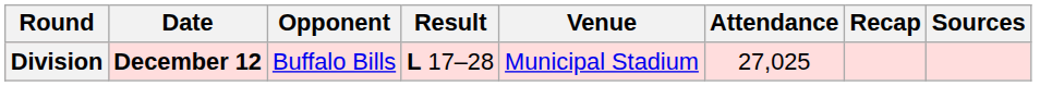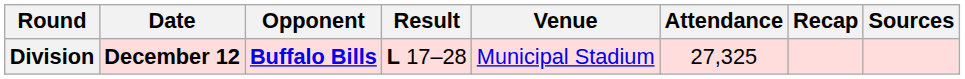 <table class="wikitable" style="text-align:center">
 <tr>
 <th>Round</th>
 <th>Date</th>
 <th>Opponent</th>
 <th>Result</th>
 <th>Venue</th>
 <th>Attendance</th>
 <th>Recap</th>
 <th>Sources</th>
 </tr>
 <tr style="background: #ffdddd;">
 <th>Division</th>
 <td><strong>December 12</strong></td>
-<td><a href='#'>Buffalo Bills</a></td>
+<td><strong><a href='#'>Buffalo Bills</a></strong></td>
 <td><strong>L</strong> 17–28</td>
 <td><a href='#'>Municipal Stadium</a></td>
-<td>27,025</td>
+<td>27,325</td>
 <td></td>
 <td></td>
 </tr>
 </table>
